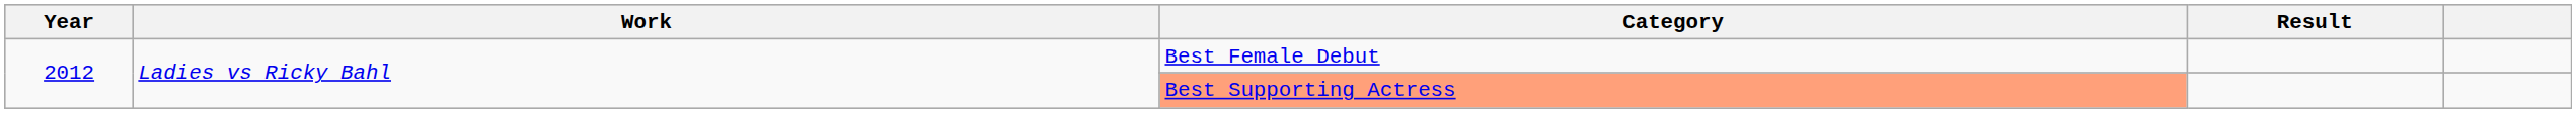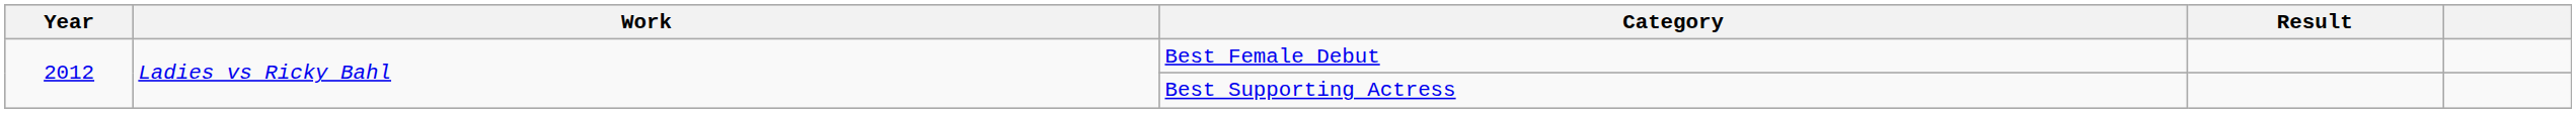 <table class="wikitable" style="width:100%;">
 <tr>
 <th width=5%>Year</th>
 <th style="width:40%;">Work</th>
 <th style="width:40%;">Category</th>
 <th style="width:10%;">Result</th>
 <th width=5%></th>
 </tr>
 <tr>
 <td rowspan="2" style="text-align:center;"><a href='#'>2012</a></td>
 <td rowspan="2" style="text-align:left;"><em><a href='#'>Ladies vs Ricky Bahl</a></em></td>
 <td><a href='#'>Best Female Debut</a></td>
 <td></td>
 <td style="text-align:center;"></td>
 </tr>
 <tr>
-<td style="background: lightsalmon;"><a href='#'>Best Supporting Actress</a></td>
+<td><a href='#'>Best Supporting Actress</a></td>
 <td></td>
 <td style="text-align:center;"></td>
 </tr>
 </table>
